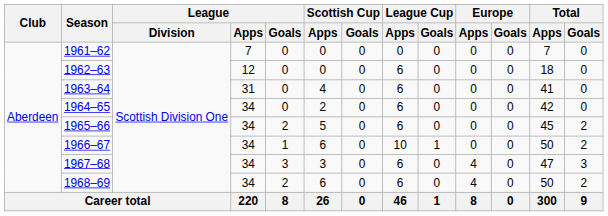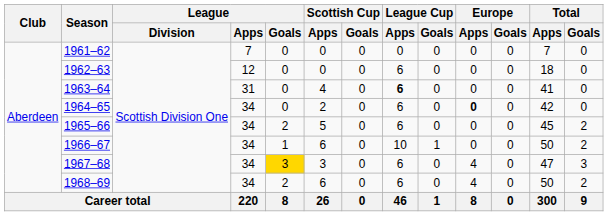 <table class="wikitable" style="text-align:center">
 <tr>
 <th rowspan="2">Club</th>
 <th rowspan="2">Season</th>
 <th colspan="3">League</th>
 <th colspan="2">Scottish Cup</th>
 <th colspan="2">League Cup</th>
 <th colspan="2">Europe</th>
 <th colspan="2">Total</th>
 </tr>
 <tr>
 <th>Division</th>
 <th>Apps</th>
 <th>Goals</th>
 <th>Apps</th>
 <th>Goals</th>
 <th>Apps</th>
 <th>Goals</th>
 <th>Apps</th>
 <th>Goals</th>
 <th>Apps</th>
 <th>Goals</th>
 </tr>
 <tr>
 <td rowspan="8"><a href='#'>Aberdeen</a></td>
 <td><a href='#'>1961–62</a></td>
 <td rowspan="8"><a href='#'>Scottish Division One</a></td>
 <td>7</td>
 <td>0</td>
 <td>0</td>
 <td>0</td>
 <td>0</td>
 <td>0</td>
 <td>0</td>
 <td>0</td>
 <td>7</td>
 <td>0</td>
 </tr>
 <tr>
 <td><a href='#'>1962–63</a></td>
 <td>12</td>
 <td>0</td>
 <td>0</td>
 <td>0</td>
 <td>6</td>
 <td>0</td>
 <td>0</td>
 <td>0</td>
 <td>18</td>
 <td>0</td>
 </tr>
 <tr>
 <td><a href='#'>1963–64</a></td>
 <td>31</td>
 <td>0</td>
 <td>4</td>
 <td>0</td>
-<td>6</td>
+<td><strong>6</strong></td>
 <td>0</td>
 <td>0</td>
 <td>0</td>
 <td>41</td>
 <td>0</td>
 </tr>
 <tr>
 <td><a href='#'>1964–65</a></td>
 <td>34</td>
 <td>0</td>
 <td>2</td>
 <td>0</td>
 <td>6</td>
 <td>0</td>
-<td>0</td>
+<td><strong>0</strong></td>
 <td>0</td>
 <td>42</td>
 <td>0</td>
 </tr>
 <tr>
 <td><a href='#'>1965–66</a></td>
 <td>34</td>
 <td>2</td>
 <td>5</td>
 <td>0</td>
 <td>6</td>
 <td>0</td>
 <td>0</td>
 <td>0</td>
 <td>45</td>
 <td>2</td>
 </tr>
 <tr>
 <td><a href='#'>1966–67</a></td>
 <td>34</td>
 <td>1</td>
 <td>6</td>
 <td>0</td>
 <td>10</td>
 <td>1</td>
 <td>0</td>
 <td>0</td>
 <td>50</td>
 <td>2</td>
 </tr>
 <tr>
 <td><a href='#'>1967–68</a></td>
 <td>34</td>
-<td>3</td>
+<td style="background: gold;">3</td>
 <td>3</td>
 <td>0</td>
 <td>6</td>
 <td>0</td>
 <td>4</td>
 <td>0</td>
 <td>47</td>
 <td>3</td>
 </tr>
 <tr>
 <td><a href='#'>1968–69</a></td>
 <td>34</td>
 <td>2</td>
 <td>6</td>
 <td>0</td>
 <td>6</td>
 <td>0</td>
 <td>4</td>
 <td>0</td>
 <td>50</td>
 <td>2</td>
 </tr>
 <tr>
 <th colspan="3">Career total</th>
 <th>220</th>
 <th>8</th>
 <th>26</th>
 <th>0</th>
 <th>46</th>
 <th>1</th>
 <th>8</th>
 <th>0</th>
 <th>300</th>
 <th>9</th>
 </tr>
 </table>
